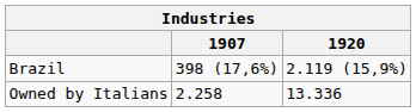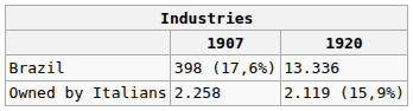 <table class="wikitable">
 <tr>
 <th colspan=4>Industries</th>
 </tr>
 <tr>
 <th></th>
 <th>1907</th>
 <th>1920</th>
 </tr>
 <tr>
 <td>Brazil</td>
 <td>398 (17,6%)</td>
-<td>2.119 (15,9%)</td>
+<td>13.336</td>
 </tr>
 <tr>
 <td>Owned by Italians</td>
 <td>2.258</td>
-<td>13.336</td>
+<td>2.119 (15,9%)</td>
 </tr>
 </table>
